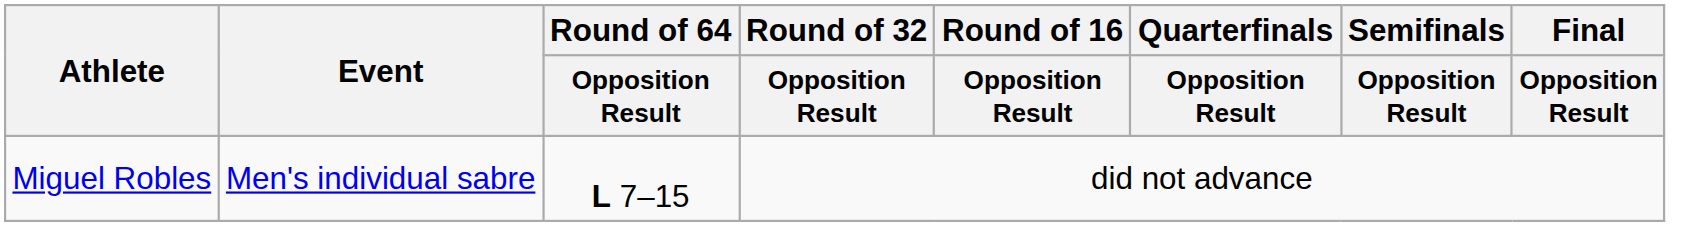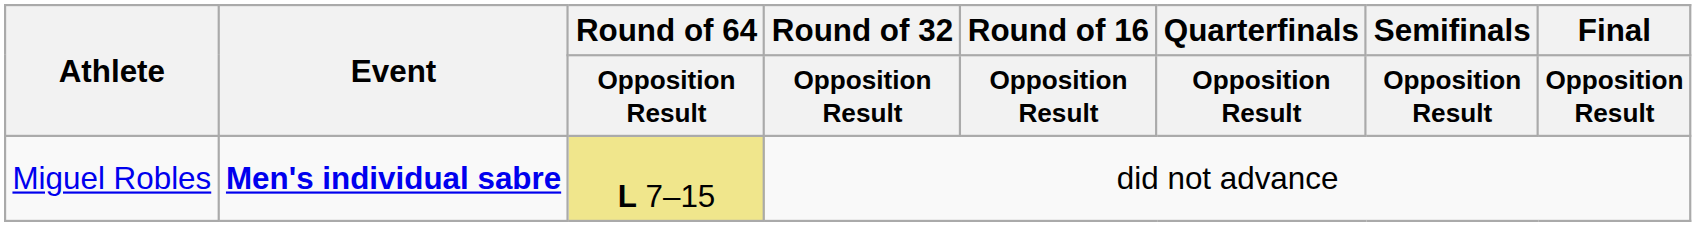 <table class="wikitable" style="font-size:90%;">
 <tr>
 <th rowspan="2">Athlete</th>
 <th rowspan="2">Event</th>
 <th>Round of 64</th>
 <th>Round of 32</th>
 <th>Round of 16</th>
 <th>Quarterfinals</th>
 <th>Semifinals</th>
 <th>Final</th>
 </tr>
 <tr>
 <th style="line-height:1em"><small>Opposition<br>Result</small></th>
 <th style="line-height:1em"><small>Opposition<br>Result</small></th>
 <th style="line-height:1em"><small>Opposition<br>Result</small></th>
 <th style="line-height:1em"><small>Opposition<br>Result</small></th>
 <th style="line-height:1em"><small>Opposition<br>Result</small></th>
 <th style="line-height:1em"><small>Opposition<br>Result</small></th>
 </tr>
 <tr>
 <td><a href='#'>Miguel Robles</a></td>
-<td><a href='#'>Men's individual sabre</a></td>
-<td align="center"><br><strong>L</strong> 7–15</td>
+<td><strong><a href='#'>Men's individual sabre</a></strong></td>
+<td align="center" style="background: khaki;"><br><strong>L</strong> 7–15</td>
 <td align="center" colspan="5">did not advance</td>
 </tr>
 </table>
